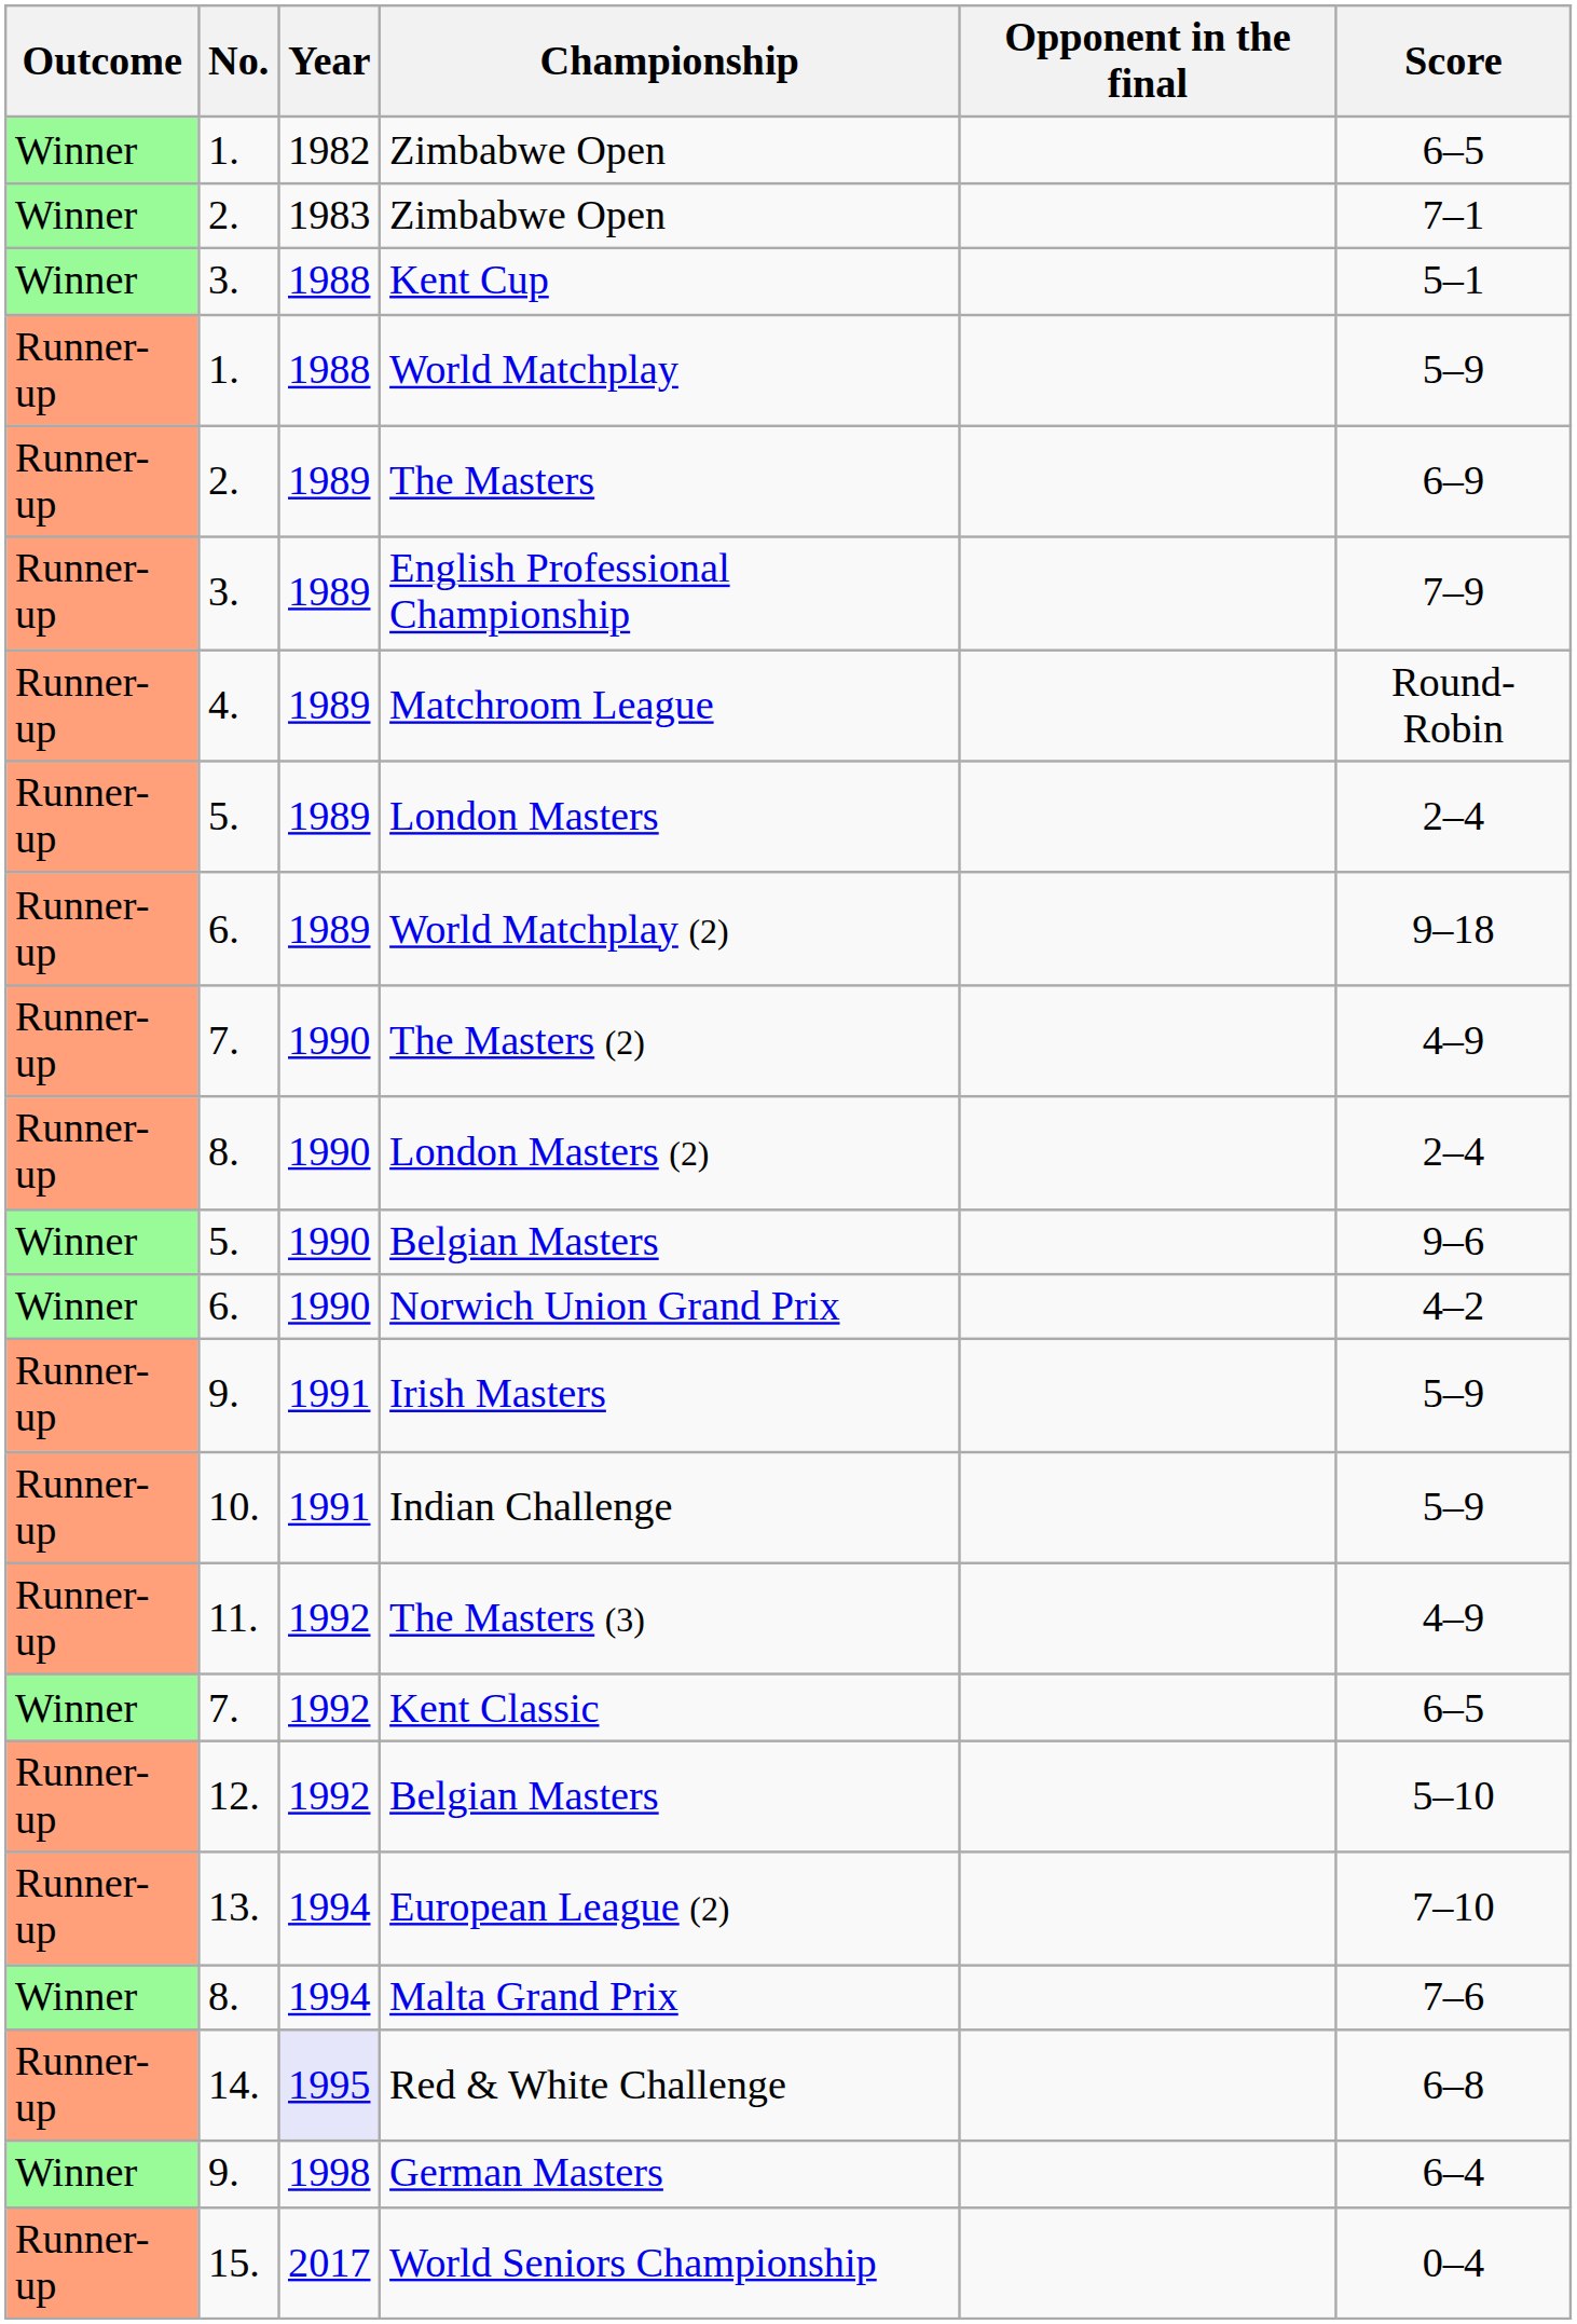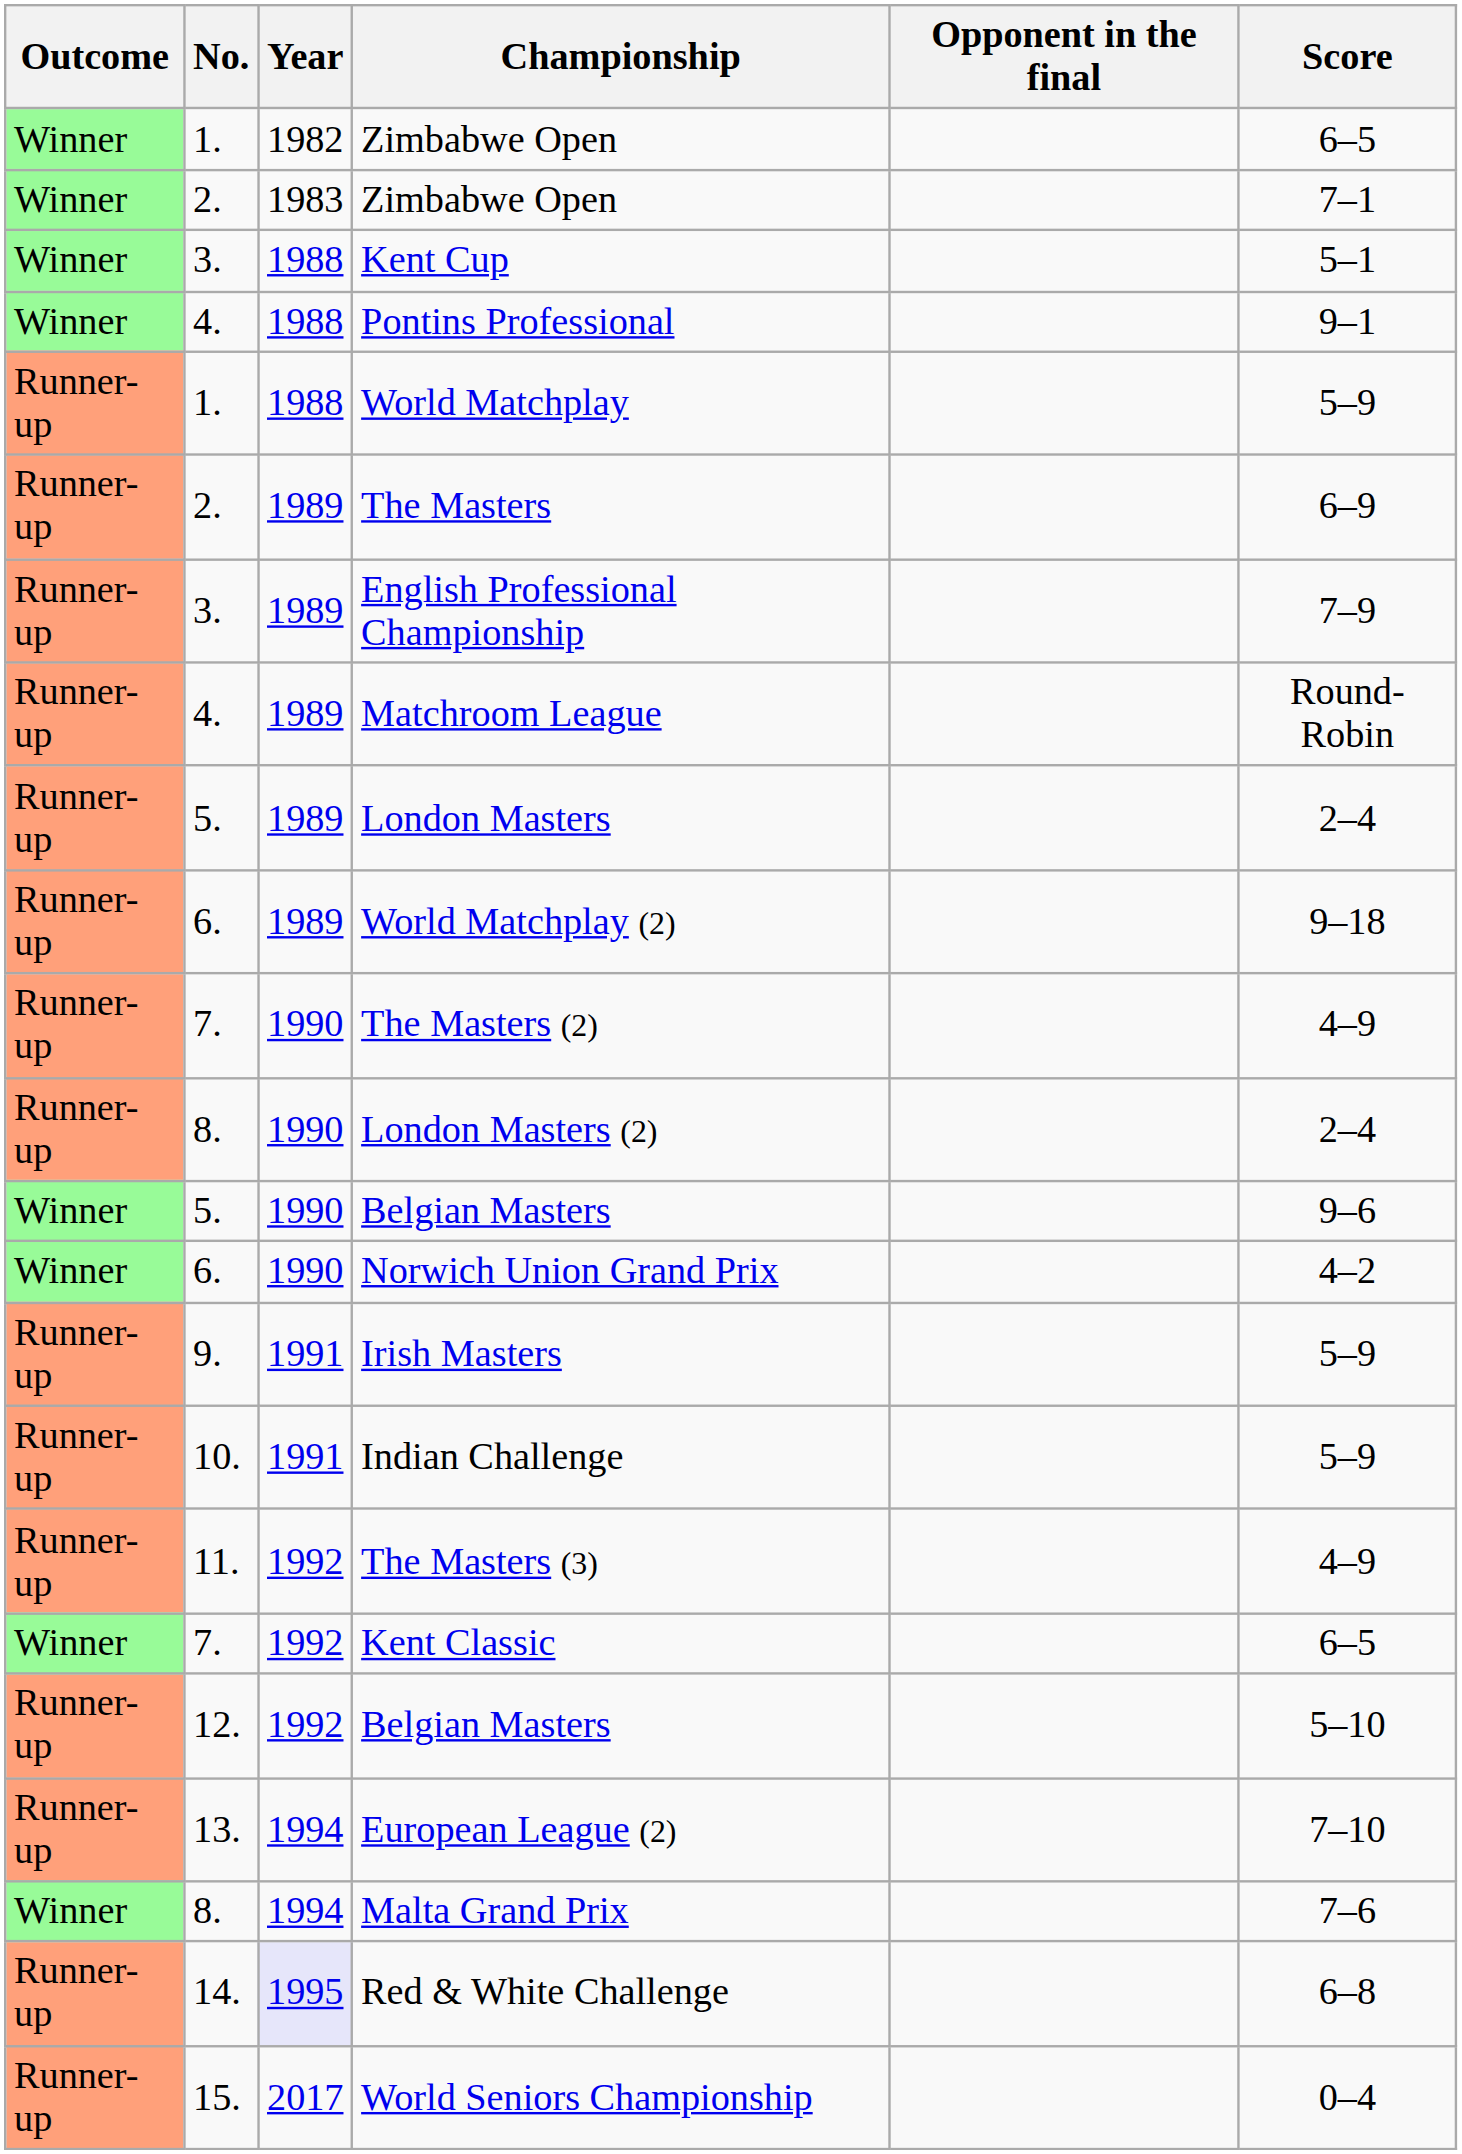 <table class="wikitable sortable">
 <tr>
 <th scope="row">Outcome</th>
 <th scope="row">No.</th>
 <th scope="row">Year</th>
 <th scope="row">Championship</th>
 <th scope="row">Opponent in the final</th>
 <th scope="row" style="text-align:center">Score</th>
 </tr>
 <tr>
 <td style="background:#98fb98;">Winner</td>
 <td>1.</td>
 <td>1982</td>
 <td>Zimbabwe Open</td>
 <td data-sort-value="Foulds, Neal"></td>
 <td align="center">6–5</td>
 </tr>
 <tr>
 <td style="background:#98fb98;">Winner</td>
 <td>2.</td>
 <td>1983</td>
 <td>Zimbabwe Open</td>
 <td data-sort-value="Johnson, Joe"></td>
 <td align="center">7–1</td>
 </tr>
 <tr>
 <td style="background:#98fb98;">Winner</td>
 <td>3.</td>
 <td><a href='#'>1988</a></td>
 <td><a href='#'>Kent Cup</a></td>
 <td data-sort-value="Clark, Martin"></td>
 <td align="center">5–1</td>
+</tr>
+<tr>
+<td style="background:#98fb98;">Winner</td>
+<td>4.</td>
+<td><a href='#'>1988</a></td>
+<td><a href='#'>Pontins Professional</a></td>
+<td data-sort-value="Hallett, Mike"></td>
+<td align="center">9–1</td>
 </tr>
 <tr>
 <td style="background:#ffa07a;">Runner-up</td>
 <td>1.</td>
 <td><a href='#'>1988</a></td>
 <td><a href='#'>World Matchplay</a></td>
 <td data-sort-value="Davis, Steve"></td>
 <td align="center">5–9</td>
 </tr>
 <tr>
 <td style="background:#ffa07a;">Runner-up</td>
 <td>2.</td>
 <td><a href='#'>1989</a></td>
 <td><a href='#'>The Masters</a></td>
 <td data-sort-value="Hendry, Stephen"></td>
 <td align="center">6–9</td>
 </tr>
 <tr>
 <td style="background:#ffa07a;">Runner-up</td>
 <td>3.</td>
 <td><a href='#'>1989</a></td>
 <td><a href='#'>English Professional Championship</a></td>
 <td data-sort-value="Hallett, Mike"></td>
 <td align="center">7–9</td>
 </tr>
 <tr>
 <td style="background:#ffa07a;">Runner-up</td>
 <td>4.</td>
 <td><a href='#'>1989</a></td>
 <td><a href='#'>Matchroom League</a></td>
 <td data-sort-value="Davis, Steve"></td>
 <td align="center">Round-Robin</td>
 </tr>
 <tr>
 <td style="background:#ffa07a;">Runner-up</td>
 <td>5.</td>
 <td><a href='#'>1989</a></td>
 <td><a href='#'>London Masters</a></td>
 <td data-sort-value="Hendry, Stephen"></td>
 <td align="center">2–4</td>
 </tr>
 <tr>
 <td style="background:#ffa07a;">Runner-up</td>
 <td>6.</td>
 <td><a href='#'>1989</a></td>
 <td><a href='#'>World Matchplay</a> <small>(2)</small></td>
 <td data-sort-value="White, Jimmy"></td>
 <td align="center">9–18</td>
 </tr>
 <tr>
 <td style="background:#ffa07a;">Runner-up</td>
 <td>7.</td>
 <td><a href='#'>1990</a></td>
 <td><a href='#'>The Masters</a> <small>(2)</small></td>
 <td data-sort-value="Hendry, Stephen"></td>
 <td align="center">4–9</td>
 </tr>
 <tr>
 <td style="background:#ffa07a;">Runner-up</td>
 <td>8.</td>
 <td><a href='#'>1990</a></td>
 <td><a href='#'>London Masters</a> <small>(2)</small></td>
 <td data-sort-value="Hendry, Stephen"></td>
 <td align="center">2–4</td>
 </tr>
 <tr>
 <td style="background:#98fb98;">Winner</td>
 <td>5.</td>
 <td><a href='#'>1990</a></td>
 <td><a href='#'>Belgian Masters</a></td>
 <td data-sort-value="White, Jimmy"></td>
 <td align="center">9–6</td>
 </tr>
 <tr>
 <td style="background:#98fb98;">Winner</td>
 <td>6.</td>
 <td><a href='#'>1990</a></td>
 <td><a href='#'>Norwich Union Grand Prix</a></td>
 <td data-sort-value="Davis, Steve"></td>
 <td align="center">4–2</td>
 </tr>
 <tr>
 <td style="background:#ffa07a;">Runner-up</td>
 <td>9.</td>
 <td><a href='#'>1991</a></td>
 <td><a href='#'>Irish Masters</a></td>
 <td data-sort-value="Davis, Steve"></td>
 <td align="center">5–9</td>
 </tr>
 <tr>
 <td style="background:#ffa07a;">Runner-up</td>
 <td>10.</td>
 <td><a href='#'>1991</a></td>
 <td>Indian Challenge</td>
 <td data-sort-value="Hendry, Stephen"></td>
 <td align="center">5–9</td>
 </tr>
 <tr>
 <td style="background:#ffa07a;">Runner-up</td>
 <td>11.</td>
 <td><a href='#'>1992</a></td>
 <td><a href='#'>The Masters</a> <small>(3)</small></td>
 <td data-sort-value="Hendry, Stephen"></td>
 <td align="center">4–9</td>
 </tr>
 <tr>
 <td style="background:#98fb98;">Winner</td>
 <td>7.</td>
 <td><a href='#'>1992</a></td>
 <td><a href='#'>Kent Classic</a></td>
 <td data-sort-value="Hendry, Stephen"></td>
 <td align="center">6–5</td>
 </tr>
 <tr>
 <td style="background:#ffa07a;">Runner-up</td>
 <td>12.</td>
 <td><a href='#'>1992</a></td>
 <td><a href='#'>Belgian Masters</a></td>
 <td data-sort-value="Wattana, James"></td>
 <td align="center">5–10</td>
 </tr>
 <tr>
 <td style="background:#ffa07a;">Runner-up</td>
 <td>13.</td>
 <td><a href='#'>1994</a></td>
 <td><a href='#'>European League</a> <small>(2)</small></td>
 <td data-sort-value="Hendry, Stephen"></td>
 <td align="center">7–10</td>
 </tr>
 <tr>
 <td style="background:#98fb98;">Winner</td>
 <td>8.</td>
 <td><a href='#'>1994</a></td>
 <td><a href='#'>Malta Grand Prix</a></td>
 <td data-sort-value="Drago, Tony"></td>
 <td align="center">7–6</td>
 </tr>
 <tr>
 <td style="background:#ffa07a;">Runner-up</td>
 <td>14.</td>
 <td style="background: lavender;"><a href='#'>1995</a></td>
 <td>Red & White Challenge</td>
 <td data-sort-value="Bond, Nigel"></td>
 <td align="center">6–8</td>
 </tr>
 <tr>
-<td style="background:#98fb98;">Winner</td>
-<td>9.</td>
-<td><a href='#'>1998</a></td>
-<td><a href='#'>German Masters</a></td>
-<td data-sort-value="Williams, Mark"></td>
-<td align="center">6–4</td>
-</tr>
-<tr>
 <td style="background:#ffa07a;">Runner-up</td>
 <td>15.</td>
 <td><a href='#'>2017</a></td>
 <td><a href='#'>World Seniors Championship</a></td>
 <td data-sort-value="Lines, Peter"></td>
 <td align="center">0–4</td>
 </tr>
 </table>
